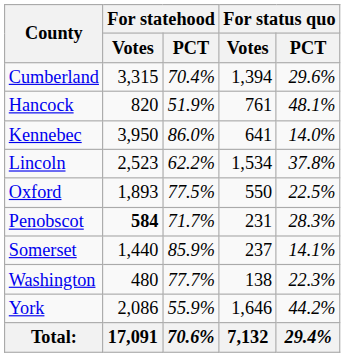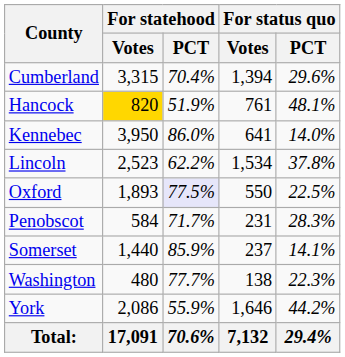 <table class="wikitable sortable" style="text-align: right">
 <tr>
 <th rowspan="2">County</th>
 <th colspan="2">For statehood</th>
 <th colspan="2">For status quo</th>
 </tr>
 <tr a>
 <th>Votes</th>
 <th><abbr>PCT</abbr></th>
 <th>Votes</th>
 <th><abbr>PCT</abbr></th>
 </tr>
 <tr>
 <td align=left><a href='#'>Cumberland</a></td>
 <td>3,315</td>
 <td><em>70.4%</em></td>
 <td>1,394</td>
 <td><em>29.6%</em></td>
 </tr>
 <tr>
 <td align=left><a href='#'>Hancock</a></td>
-<td>820</td>
+<td style="background: gold;">820</td>
 <td><em>51.9%</em></td>
 <td>761</td>
 <td><em>48.1%</em></td>
 </tr>
 <tr>
 <td align=left><a href='#'>Kennebec</a></td>
 <td>3,950</td>
 <td><em>86.0%</em></td>
 <td>641</td>
 <td><em>14.0%</em></td>
 </tr>
 <tr>
 <td align=left><a href='#'>Lincoln</a></td>
 <td>2,523</td>
 <td><em>62.2%</em></td>
 <td>1,534</td>
 <td><em>37.8%</em></td>
 </tr>
 <tr>
 <td align=left><a href='#'>Oxford</a></td>
 <td>1,893</td>
-<td><em>77.5%</em></td>
+<td style="background: lavender;"><em>77.5%</em></td>
 <td>550</td>
 <td><em>22.5%</em></td>
 </tr>
 <tr>
 <td align=left><a href='#'>Penobscot</a></td>
-<td><strong>584</strong></td>
+<td>584</td>
 <td><em>71.7%</em></td>
 <td>231</td>
 <td><em>28.3%</em></td>
 </tr>
 <tr>
 <td align=left><a href='#'>Somerset</a></td>
 <td>1,440</td>
 <td><em>85.9%</em></td>
 <td>237</td>
 <td><em>14.1%</em></td>
 </tr>
 <tr>
 <td align=left><a href='#'>Washington</a></td>
 <td>480</td>
 <td><em>77.7%</em></td>
 <td>138</td>
 <td><em>22.3%</em></td>
 </tr>
 <tr>
 <td align=left><a href='#'>York</a></td>
 <td>2,086</td>
 <td><em>55.9%</em></td>
 <td>1,646</td>
 <td><em>44.2%</em></td>
 </tr>
 <tr>
 <th align=left><strong>Total:</strong></th>
 <th><strong>17,091</strong></th>
 <th><strong><em>70.6%</em></strong></th>
 <th><strong>7,132</strong></th>
 <th><strong><em>29.4%</em></strong></th>
 </tr>
 </table>
